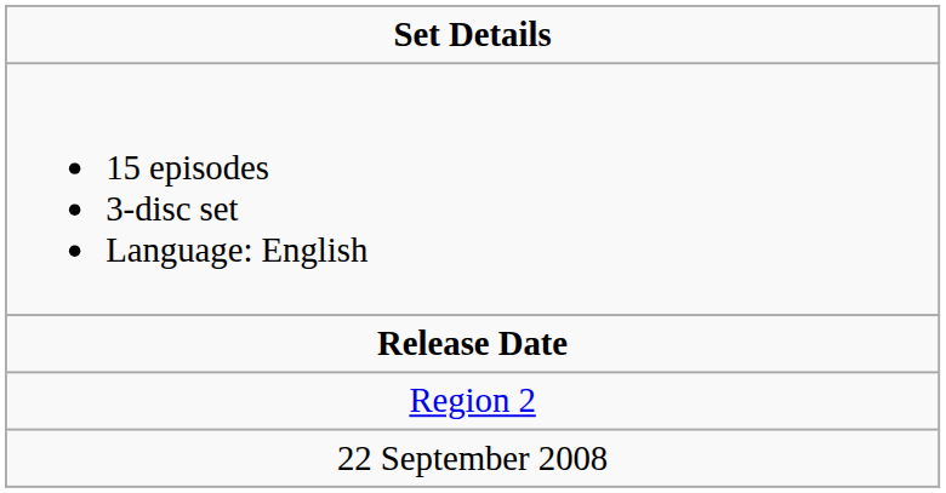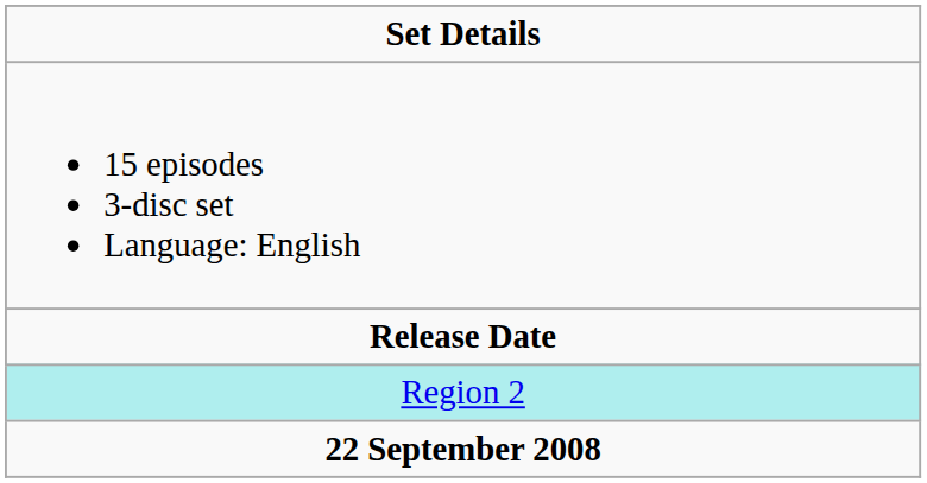 <table class="wikitable" style="font-size: 95%;">
 <tr valign="top">
 <td align="center" width="400" colspan="3"><strong>Set Details</strong></td>
 </tr>
 <tr valign="top">
 <td colspan="3" align="left" width="400"><br><ul><li>15 episodes</li><li>3-disc set</li><li>Language: English</li></ul></td>
 </tr>
 <tr>
 <td colspan="3" align="center"><strong>Release Date</strong></td>
 </tr>
 <tr>
-<td align="center"><a href='#'>Region 2</a></td>
+<td align="center" style="background: paleturquoise;"><a href='#'>Region 2</a></td>
 </tr>
 <tr>
-<td align="center">22 September 2008</td>
+<td align="center"><strong>22 September 2008</strong></td>
 </tr>
 </table>
